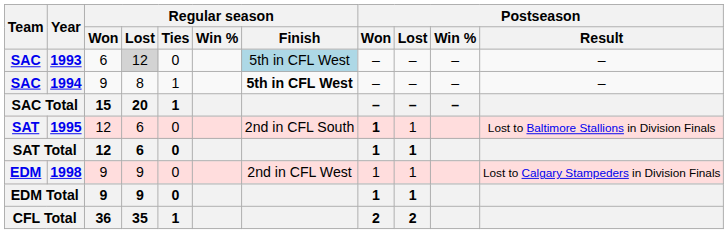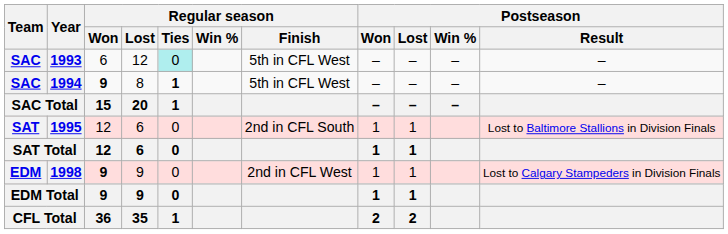 <table class="wikitable" style="font-size: 95%; text-align:center;">
 <tr>
 <th rowspan="2">Team</th>
 <th rowspan="2">Year</th>
 <th colspan="5">Regular season</th>
 <th colspan="4">Postseason</th>
 </tr>
 <tr>
 <th>Won</th>
 <th>Lost</th>
 <th>Ties</th>
 <th>Win %</th>
 <th>Finish</th>
 <th>Won</th>
 <th>Lost</th>
 <th>Win %</th>
 <th>Result</th>
 </tr>
 <tr>
 <th><a href='#'>SAC</a></th>
 <th><a href='#'>1993</a></th>
 <td>6</td>
-<td style="background: lightgrey;">12</td>
-<td>0</td>
+<td>12</td>
+<td style="background: paleturquoise;">0</td>
 <td></td>
-<td style="background: lightblue;">5th in CFL West</td>
+<td>5th in CFL West</td>
 <td>–</td>
 <td>–</td>
 <td>–</td>
 <td>–</td>
 </tr>
 <tr>
 <th><a href='#'>SAC</a></th>
 <th><a href='#'>1994</a></th>
-<td>9</td>
+<td><strong>9</strong></td>
 <td>8</td>
-<td>1</td>
+<td><strong>1</strong></td>
 <td></td>
-<td><strong>5th in CFL West</strong></td>
+<td>5th in CFL West</td>
 <td>–</td>
 <td>–</td>
 <td>–</td>
 <td>–</td>
 </tr>
 <tr>
 <th colspan="2">SAC Total</th>
 <th>15</th>
 <th>20</th>
 <th>1</th>
 <th></th>
 <th></th>
 <th>–</th>
 <th>–</th>
 <th>–</th>
 <th></th>
 </tr>
 <tr style="background:#fdd;">
 <th><a href='#'>SAT</a></th>
 <th><a href='#'>1995</a></th>
 <td>12</td>
 <td>6</td>
 <td>0</td>
 <td></td>
 <td>2nd in CFL South</td>
-<td><strong>1</strong></td>
+<td>1</td>
 <td>1</td>
 <td></td>
 <td><small>Lost to <a href='#'>Baltimore Stallions</a> in Division Finals</small></td>
 </tr>
 <tr>
 <th colspan="2">SAT Total</th>
 <th>12</th>
 <th>6</th>
 <th>0</th>
 <th></th>
 <th></th>
 <th>1</th>
 <th>1</th>
 <th></th>
 <th></th>
 </tr>
 <tr style="background:#fdd;">
 <th><a href='#'>EDM</a></th>
 <th><a href='#'>1998</a></th>
-<td>9</td>
+<td><strong>9</strong></td>
 <td>9</td>
 <td>0</td>
 <td></td>
 <td>2nd in CFL West</td>
 <td>1</td>
 <td>1</td>
 <td></td>
 <td><small>Lost to <a href='#'>Calgary Stampeders</a> in Division Finals</small></td>
 </tr>
 <tr>
 <th colspan="2">EDM Total</th>
 <th>9</th>
 <th>9</th>
 <th>0</th>
 <th></th>
 <th></th>
 <th>1</th>
 <th>1</th>
 <th></th>
 <th></th>
 </tr>
 <tr>
 <th colspan="2">CFL Total</th>
 <th>36</th>
 <th>35</th>
 <th>1</th>
 <th></th>
 <th></th>
 <th>2</th>
 <th>2</th>
 <th></th>
 <th></th>
 </tr>
 </table>
